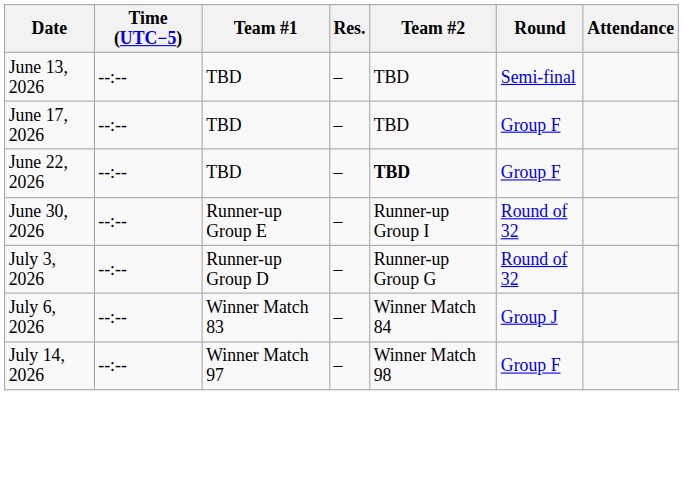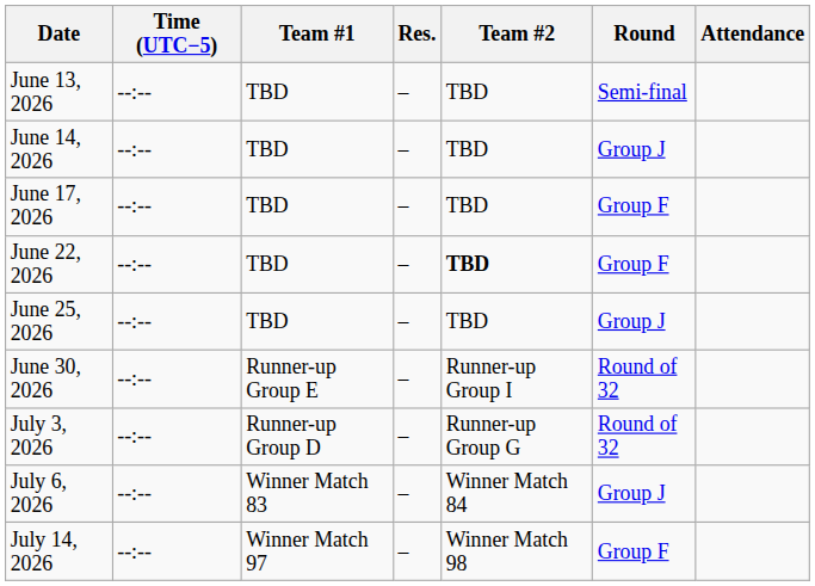 <table class="wikitable sortable">
 <tr>
 <th style="text-align:center;">Date</th>
 <th style="text-align:center;">Time (<a href='#'>UTC−5</a>)</th>
 <th style="text-align:center;">Team #1</th>
 <th style="text-align:center;">Res.</th>
 <th style="text-align:center;">Team #2</th>
 <th style="text-align:center;">Round</th>
 <th>Attendance</th>
 </tr>
 <tr>
 <td>June 13, 2026</td>
 <td>--:--</td>
 <td>TBD</td>
 <td>–</td>
 <td>TBD</td>
 <td><a href='#'>Semi-final</a></td>
 <td></td>
 </tr>
 <tr>
+<td>June 14, 2026</td>
+<td>--:--</td>
+<td>TBD</td>
+<td>–</td>
+<td>TBD</td>
+<td><a href='#'>Group J</a></td>
+<td></td>
+</tr>
+<tr>
 <td>June 17, 2026</td>
 <td>--:--</td>
 <td>TBD</td>
 <td>–</td>
 <td>TBD</td>
 <td><a href='#'>Group F</a></td>
 <td></td>
 </tr>
 <tr>
 <td>June 22, 2026</td>
 <td>--:--</td>
 <td>TBD</td>
 <td>–</td>
 <td><strong>TBD</strong></td>
 <td><a href='#'>Group F</a></td>
+<td></td>
+</tr>
+<tr>
+<td>June 25, 2026</td>
+<td>--:--</td>
+<td>TBD</td>
+<td>–</td>
+<td>TBD</td>
+<td><a href='#'>Group J</a></td>
 <td></td>
 </tr>
 <tr>
 <td>June 30, 2026</td>
 <td>--:--</td>
 <td>Runner-up Group E</td>
 <td>–</td>
 <td>Runner-up Group I</td>
 <td><a href='#'>Round of 32</a></td>
 <td></td>
 </tr>
 <tr>
 <td>July 3, 2026</td>
 <td>--:--</td>
 <td>Runner-up Group D</td>
 <td>–</td>
 <td>Runner-up Group G</td>
 <td><a href='#'>Round of 32</a></td>
 <td></td>
 </tr>
 <tr>
 <td>July 6, 2026</td>
 <td>--:--</td>
 <td>Winner Match 83</td>
 <td>–</td>
 <td>Winner Match 84</td>
 <td><a href='#'>Group J</a></td>
 <td></td>
 </tr>
 <tr>
 <td>July 14, 2026</td>
 <td>--:--</td>
 <td>Winner Match 97</td>
 <td>–</td>
 <td>Winner Match 98</td>
 <td><a href='#'>Group F</a></td>
 <td></td>
 </tr>
 </table>
